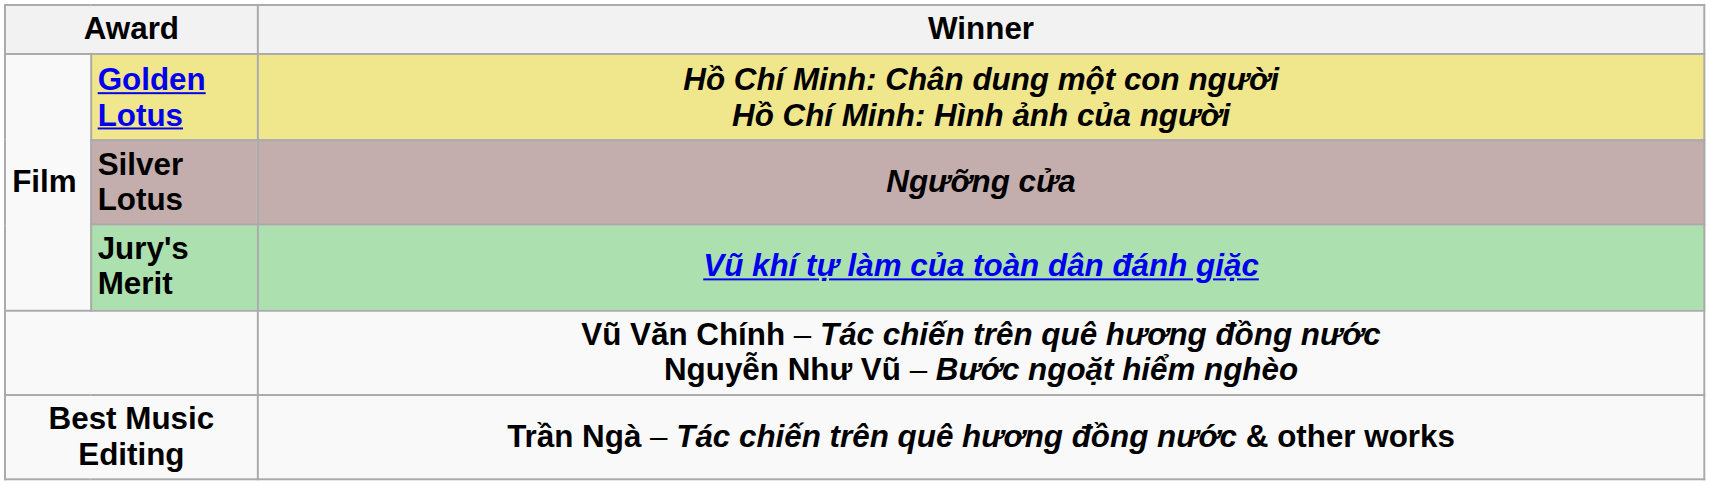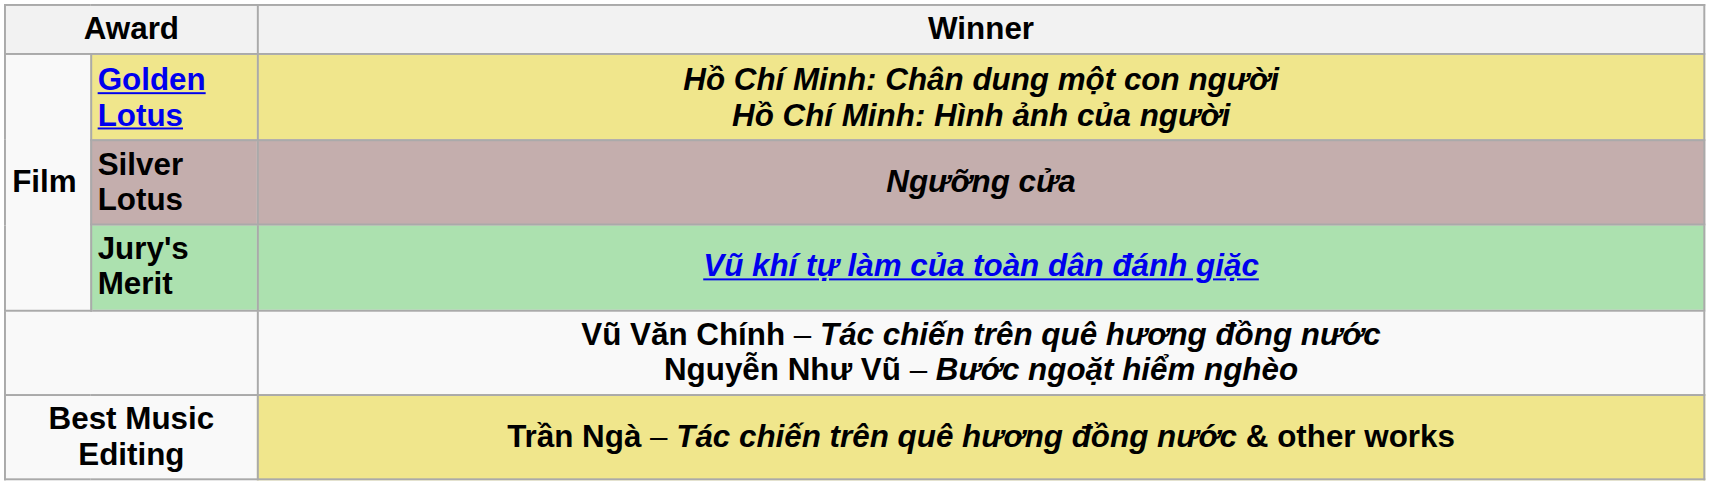 <table class=wikitable>
 <tr>
 <th width="12%" colspan="2">Award</th>
 <th width="76%">Winner</th>
 </tr>
 <tr>
 <td rowspan="3"><strong>Film</strong></td>
 <td style="background:#F0E68C"><strong><a href='#'>Golden Lotus</a></strong></td>
 <td style="background:#F0E68C" align=center><strong><em>Hồ Chí Minh: Chân dung một con người</em></strong><br><strong><em>Hồ Chí Minh: Hình ảnh của người</em></strong></td>
 </tr>
 <tr>
 <td style="background:#C4AEAD"><strong>Silver Lotus</strong></td>
 <td style="background:#C4AEAD" align=center><strong><em>Ngưỡng cửa</em></strong></td>
 </tr>
 <tr>
 <td style="background:#ACE1AF"><strong>Jury's Merit</strong></td>
 <td style="background:#ACE1AF" align=center><strong><em><a href='#'>Vũ khí tự làm của toàn dân đánh giặc</a></em></strong></td>
 </tr>
 <tr>
 <td colspan="2" align=center><strong></strong></td>
 <td align=center><strong>Vũ Văn Chính</strong> – <strong><em>Tác chiến trên quê hương đồng nước</em></strong><br><strong>Nguyễn Như Vũ</strong> – <strong><em>Bước ngoặt hiểm nghèo</em></strong></td>
 </tr>
 <tr>
 <td colspan="2" align=center><strong>Best Music Editing</strong></td>
-<td align=center><strong>Trần Ngà</strong> – <strong><em>Tác chiến trên quê hương đồng nước</em></strong> <strong>& other works</strong></td>
+<td align=center style="background: khaki;"><strong>Trần Ngà</strong> – <strong><em>Tác chiến trên quê hương đồng nước</em></strong> <strong>& other works</strong></td>
 </tr>
 </table>
